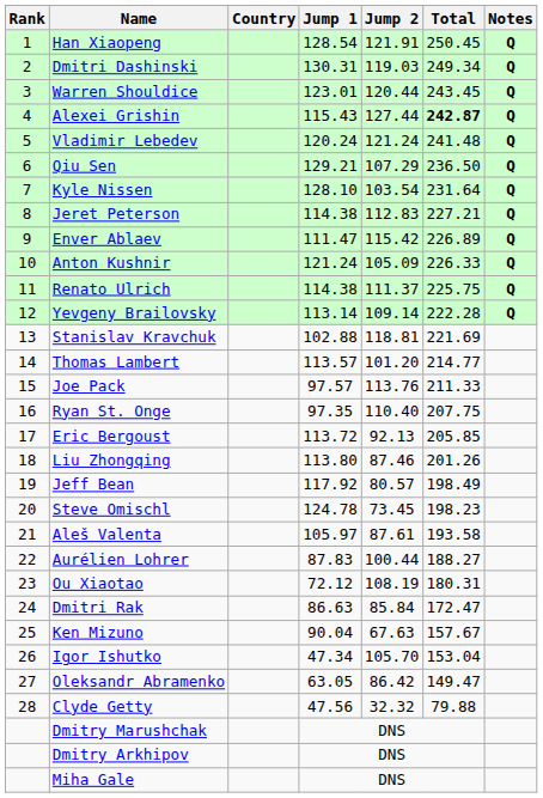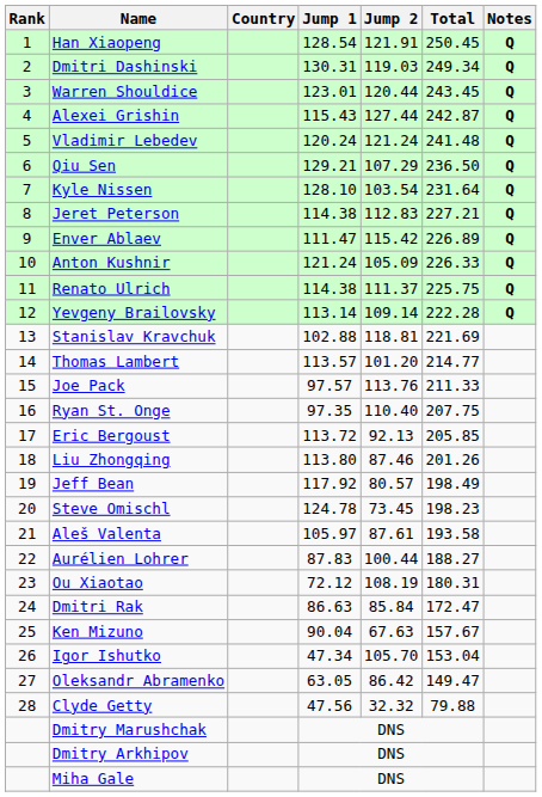 <table class="wikitable sortable" style="text-align:center">
 <tr>
 <th>Rank</th>
 <th>Name</th>
 <th>Country</th>
 <th>Jump 1</th>
 <th>Jump 2</th>
 <th>Total</th>
 <th>Notes</th>
 </tr>
 <tr bgcolor="#ccffcc">
 <td>1</td>
 <td align=left><a href='#'>Han Xiaopeng</a></td>
 <td align=left></td>
 <td>128.54</td>
 <td>121.91</td>
 <td>250.45</td>
 <td><strong>Q</strong></td>
 </tr>
 <tr bgcolor="#ccffcc">
 <td>2</td>
 <td align=left><a href='#'>Dmitri Dashinski</a></td>
 <td align=left></td>
 <td>130.31</td>
 <td>119.03</td>
 <td>249.34</td>
 <td><strong>Q</strong></td>
 </tr>
 <tr bgcolor="#ccffcc">
 <td>3</td>
 <td align=left><a href='#'>Warren Shouldice</a></td>
 <td align=left></td>
 <td>123.01</td>
 <td>120.44</td>
 <td>243.45</td>
 <td><strong>Q</strong></td>
 </tr>
 <tr bgcolor="#ccffcc">
 <td>4</td>
 <td align=left><a href='#'>Alexei Grishin</a></td>
 <td align=left></td>
 <td>115.43</td>
 <td>127.44</td>
-<td><strong>242.87</strong></td>
+<td>242.87</td>
 <td><strong>Q</strong></td>
 </tr>
 <tr bgcolor="#ccffcc">
 <td>5</td>
 <td align=left><a href='#'>Vladimir Lebedev</a></td>
 <td align=left></td>
 <td>120.24</td>
 <td>121.24</td>
 <td>241.48</td>
 <td><strong>Q</strong></td>
 </tr>
 <tr bgcolor="#ccffcc">
 <td>6</td>
 <td align=left><a href='#'>Qiu Sen</a></td>
 <td align=left></td>
 <td>129.21</td>
 <td>107.29</td>
 <td>236.50</td>
 <td><strong>Q</strong></td>
 </tr>
 <tr bgcolor="#ccffcc">
 <td>7</td>
 <td align=left><a href='#'>Kyle Nissen</a></td>
 <td align=left></td>
 <td>128.10</td>
 <td>103.54</td>
 <td>231.64</td>
 <td><strong>Q</strong></td>
 </tr>
 <tr bgcolor="#ccffcc">
 <td>8</td>
 <td align=left><a href='#'>Jeret Peterson</a></td>
 <td align=left></td>
 <td>114.38</td>
 <td>112.83</td>
 <td>227.21</td>
 <td><strong>Q</strong></td>
 </tr>
 <tr bgcolor="#ccffcc">
 <td>9</td>
 <td align=left><a href='#'>Enver Ablaev</a></td>
 <td align=left></td>
 <td>111.47</td>
 <td>115.42</td>
 <td>226.89</td>
 <td><strong>Q</strong></td>
 </tr>
 <tr bgcolor="#ccffcc">
 <td>10</td>
 <td align=left><a href='#'>Anton Kushnir</a></td>
 <td align=left></td>
 <td>121.24</td>
 <td>105.09</td>
 <td>226.33</td>
 <td><strong>Q</strong></td>
 </tr>
 <tr bgcolor="#ccffcc">
 <td>11</td>
 <td align=left><a href='#'>Renato Ulrich</a></td>
 <td align=left></td>
 <td>114.38</td>
 <td>111.37</td>
 <td>225.75</td>
 <td><strong>Q</strong></td>
 </tr>
 <tr bgcolor="#ccffcc">
 <td>12</td>
 <td align=left><a href='#'>Yevgeny Brailovsky</a></td>
 <td align=left></td>
 <td>113.14</td>
 <td>109.14</td>
 <td>222.28</td>
 <td><strong>Q</strong></td>
 </tr>
 <tr>
 <td>13</td>
 <td align=left><a href='#'>Stanislav Kravchuk</a></td>
 <td align=left></td>
 <td>102.88</td>
 <td>118.81</td>
 <td>221.69</td>
 <td></td>
 </tr>
 <tr>
 <td>14</td>
 <td align=left><a href='#'>Thomas Lambert</a></td>
 <td align=left></td>
 <td>113.57</td>
 <td>101.20</td>
 <td>214.77</td>
 <td></td>
 </tr>
 <tr>
 <td>15</td>
 <td align=left><a href='#'>Joe Pack</a></td>
 <td align=left></td>
 <td>97.57</td>
 <td>113.76</td>
 <td>211.33</td>
 <td></td>
 </tr>
 <tr>
 <td>16</td>
 <td align=left><a href='#'>Ryan St. Onge</a></td>
 <td align=left></td>
 <td>97.35</td>
 <td>110.40</td>
 <td>207.75</td>
 <td></td>
 </tr>
 <tr>
 <td>17</td>
 <td align=left><a href='#'>Eric Bergoust</a></td>
 <td align=left></td>
 <td>113.72</td>
 <td>92.13</td>
 <td>205.85</td>
 <td></td>
 </tr>
 <tr>
 <td>18</td>
 <td align=left><a href='#'>Liu Zhongqing</a></td>
 <td align=left></td>
 <td>113.80</td>
 <td>87.46</td>
 <td>201.26</td>
 <td></td>
 </tr>
 <tr>
 <td>19</td>
 <td align=left><a href='#'>Jeff Bean</a></td>
 <td align=left></td>
 <td>117.92</td>
 <td>80.57</td>
 <td>198.49</td>
 <td></td>
 </tr>
 <tr>
 <td>20</td>
 <td align=left><a href='#'>Steve Omischl</a></td>
 <td align=left></td>
 <td>124.78</td>
 <td>73.45</td>
 <td>198.23</td>
 <td></td>
 </tr>
 <tr>
 <td>21</td>
 <td align=left><a href='#'>Aleš Valenta</a></td>
 <td align=left></td>
 <td>105.97</td>
 <td>87.61</td>
 <td>193.58</td>
 <td></td>
 </tr>
 <tr>
 <td>22</td>
 <td align=left><a href='#'>Aurélien Lohrer</a></td>
 <td align=left></td>
 <td>87.83</td>
 <td>100.44</td>
 <td>188.27</td>
 <td></td>
 </tr>
 <tr>
 <td>23</td>
 <td align=left><a href='#'>Ou Xiaotao</a></td>
 <td align=left></td>
 <td>72.12</td>
 <td>108.19</td>
 <td>180.31</td>
 <td></td>
 </tr>
 <tr>
 <td>24</td>
 <td align=left><a href='#'>Dmitri Rak</a></td>
 <td align=left></td>
 <td>86.63</td>
 <td>85.84</td>
 <td>172.47</td>
 <td></td>
 </tr>
 <tr>
 <td>25</td>
 <td align=left><a href='#'>Ken Mizuno</a></td>
 <td align=left></td>
 <td>90.04</td>
 <td>67.63</td>
 <td>157.67</td>
 <td></td>
 </tr>
 <tr>
 <td>26</td>
 <td align=left><a href='#'>Igor Ishutko</a></td>
 <td align=left></td>
 <td>47.34</td>
 <td>105.70</td>
 <td>153.04</td>
 <td></td>
 </tr>
 <tr>
 <td>27</td>
 <td align=left><a href='#'>Oleksandr Abramenko</a></td>
 <td align=left></td>
 <td>63.05</td>
 <td>86.42</td>
 <td>149.47</td>
 <td></td>
 </tr>
 <tr>
 <td>28</td>
 <td align=left><a href='#'>Clyde Getty</a></td>
 <td align=left></td>
 <td>47.56</td>
 <td>32.32</td>
 <td>79.88</td>
 <td></td>
 </tr>
 <tr>
 <td></td>
 <td align=left><a href='#'>Dmitry Marushchak</a></td>
 <td align=left></td>
 <td colspan=3>DNS</td>
 <td></td>
 </tr>
 <tr>
 <td></td>
 <td align=left><a href='#'>Dmitry Arkhipov</a></td>
 <td align=left></td>
 <td colspan=3>DNS</td>
 <td></td>
 </tr>
 <tr>
 <td></td>
 <td align=left><a href='#'>Miha Gale</a></td>
 <td align=left></td>
 <td colspan=3>DNS</td>
 <td></td>
 </tr>
 </table>
